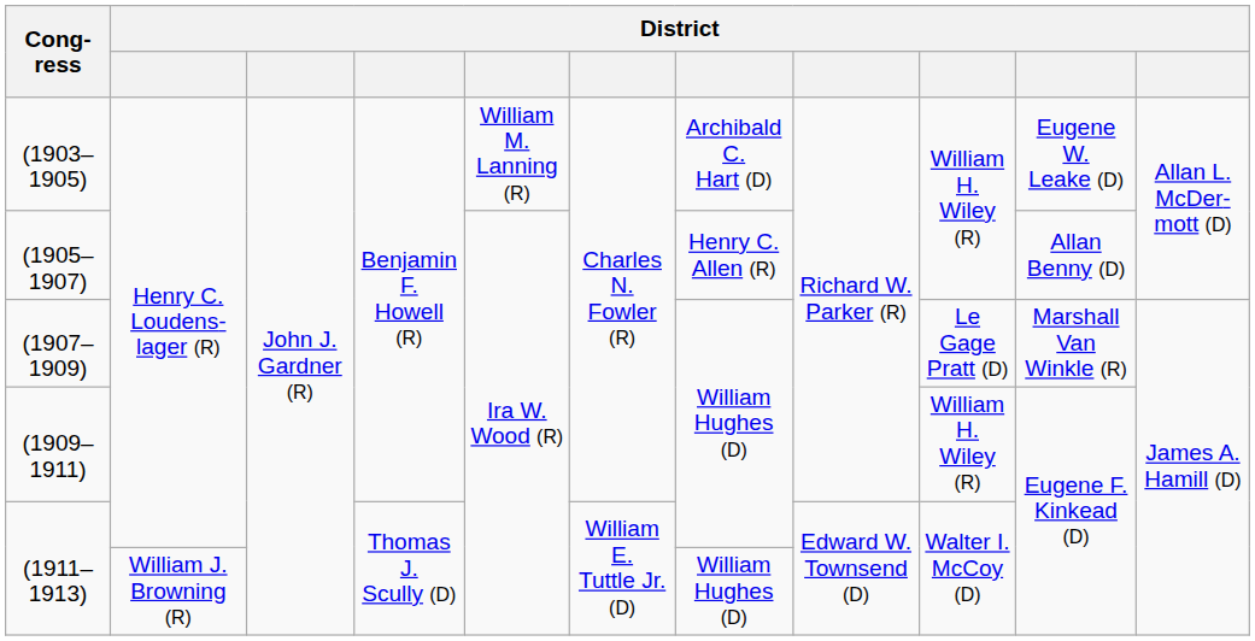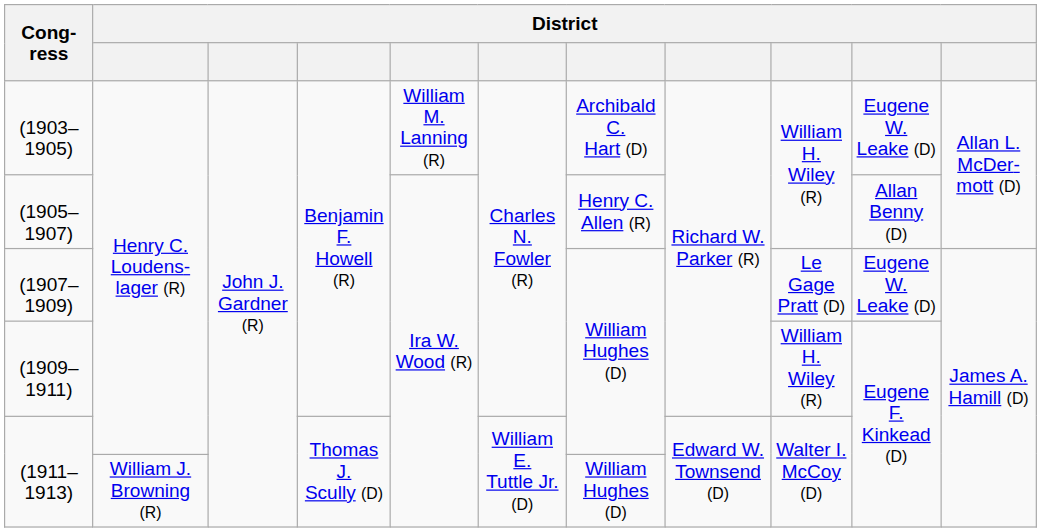 <table class=wikitable style="text-align:center">
 <tr style="height:2em">
 <th rowspan=2>Cong­ress</th>
 <th colspan=10>District</th>
 </tr>
 <tr style="height:2em">
 <th></th>
 <th></th>
 <th></th>
 <th></th>
 <th></th>
 <th></th>
 <th></th>
 <th></th>
 <th></th>
 <th></th>
 </tr>
 <tr style="height:2em">
 <td><strong></strong><br>(1903–1905)</td>
 <td rowspan="5" ><a href='#'>Henry C.<br>Loudens­lager</a> <small>(R)</small></td>
 <td rowspan="6" ><a href='#'>John J.<br>Gardner</a> <small>(R)</small></td>
 <td rowspan="4" ><a href='#'>Benjamin<br>F.<br>Howell</a> <small>(R)</small></td>
 <td><a href='#'>William M.<br>Lanning</a> <small>(R)</small></td>
 <td rowspan=4 ><a href='#'>Charles N.<br>Fowler</a> <small>(R)</small></td>
 <td><a href='#'>Archibald C.<br>Hart</a> <small>(D)</small></td>
 <td rowspan=4 ><a href='#'>Richard W.<br>Parker</a> <small>(R)</small></td>
 <td rowspan=2 ><a href='#'>William H.<br>Wiley</a> <small>(R)</small></td>
 <td><a href='#'>Eugene W.<br>Leake</a> <small>(D)</small></td>
 <td rowspan=2 ><a href='#'>Allan L.<br>McDer­mott</a> <small>(D)</small></td>
 </tr>
 <tr style="height:2em">
 <td><strong></strong><br>(1905–1907)</td>
 <td rowspan=5 ><a href='#'>Ira W.<br>Wood</a> <small>(R)</small></td>
 <td><a href='#'>Henry C.<br>Allen</a> <small>(R)</small></td>
 <td><a href='#'>Allan<br>Benny</a> <small>(D)</small></td>
 </tr>
 <tr style="height:2em">
 <td><strong></strong><br>(1907–1909)</td>
 <td rowspan=3 ><a href='#'>William<br>Hughes</a> <small>(D)</small></td>
 <td><a href='#'>Le Gage<br>Pratt</a> <small>(D)</small></td>
-<td><a href='#'>Marshall<br>Van Winkle</a> <small>(R)</small></td>
+<td><a href='#'>Eugene W.<br>Leake</a> <small>(D)</small></td>
 <td rowspan=4 ><a href='#'>James A.<br>Hamill</a> <small>(D)</small></td>
 </tr>
 <tr style="height:2em">
 <td><strong></strong><br>(1909–1911)</td>
 <td><a href='#'>William H.<br>Wiley</a> <small>(R)</small></td>
 <td rowspan=3 ><a href='#'>Eugene F.<br>Kinkead</a> <small>(D)</small></td>
 </tr>
 <tr style="height:2em">
 <td rowspan=2><strong></strong><br>(1911–1913)</td>
 <td rowspan="2" ><a href='#'>Thomas J.<br>Scully</a> <small>(D)</small></td>
 <td rowspan="2" ><a href='#'>William E.<br>Tuttle Jr.</a> <small>(D)</small></td>
 <td rowspan=2 ><a href='#'>Edward W.<br>Townsend</a> <small>(D)</small></td>
 <td rowspan=2 ><a href='#'>Walter I.<br>McCoy</a> <small>(D)</small></td>
 </tr>
 <tr style="height:2em">
 <td><a href='#'>William J.<br>Browning</a> <small>(R)</small></td>
 <td><a href='#'>William<br>Hughes</a> <small>(D)</small></td>
 </tr>
 </table>
